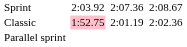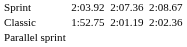 <table>
 <tr>
 <td>Sprint</td>
 <td></td>
 <td>2:03.92</td>
 <td></td>
 <td>2:07.36</td>
 <td></td>
 <td>2:08.67</td>
 </tr>
 <tr>
 <td>Classic</td>
 <td></td>
-<td style="background: pink;">1:52.75</td>
+<td>1:52.75</td>
 <td></td>
 <td>2:01.19</td>
 <td></td>
 <td>2:02.36</td>
 </tr>
 <tr>
 <td>Parallel sprint</td>
 <td colspan="2"></td>
 <td colspan="2"></td>
 <td colspan="2"></td>
 </tr>
 </table>
